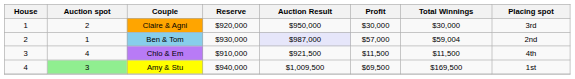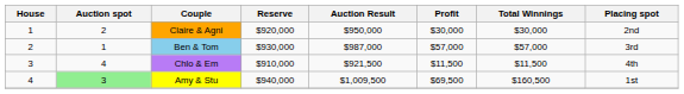 <table class="wikitable" style="text-align: center; font-size: 9pt; line-height:16px; width:70%" |>
 <tr>
 <th>House</th>
 <th>Auction spot</th>
 <th>Couple</th>
 <th>Reserve</th>
 <th>Auction Result</th>
 <th>Profit</th>
 <th>Total Winnings</th>
 <th>Placing spot</th>
 </tr>
 <tr>
 <td>1</td>
 <td style="text-align:center">2</td>
 <td style='background:orange;'>Claire & Agni</td>
 <td style="text-align:center">$920,000</td>
 <td style="text-align:center">$950,000</td>
 <td style="text-align:center">$30,000</td>
 <td style="text-align:center">$30,000</td>
-<td style="text-align:center">3rd</td>
+<td style="text-align:center">2nd</td>
 </tr>
 <tr>
 <td>2</td>
 <td style="text-align:center">1</td>
 <td style='background:skyblue;'>Ben & Tom</td>
 <td style="text-align:center">$930,000</td>
-<td style="background: lavender; text-align:center">$987,000</td>
+<td style="text-align:center">$987,000</td>
 <td style="text-align:center">$57,000</td>
-<td style="text-align:center">$59,004</td>
-<td style="text-align:center">2nd</td>
+<td style="text-align:center">$57,000</td>
+<td style="text-align:center">3rd</td>
 </tr>
 <tr>
 <td>3</td>
 <td style="text-align:center">4</td>
 <td style='background:#B87BF6;'>Chlo & Em</td>
 <td style="text-align:center">$910,000</td>
 <td style="text-align:center">$921,500</td>
 <td style="text-align:center">$11,500</td>
 <td style="text-align:center">$11,500</td>
 <td style="text-align:center">4th</td>
 </tr>
 <tr>
 <td>4</td>
 <td style="background: lightgreen; text-align:center">3</td>
 <td style='background:yellow;'>Amy & Stu</td>
 <td style="text-align:center">$940,000</td>
 <td style="text-align:center">$1,009,500</td>
 <td style="text-align:center">$69,500</td>
-<td style="text-align:center">$169,500</td>
+<td style="text-align:center">$160,500</td>
 <td style="text-align:center">1st</td>
 </tr>
 <tr>
 </tr>
 </table>
